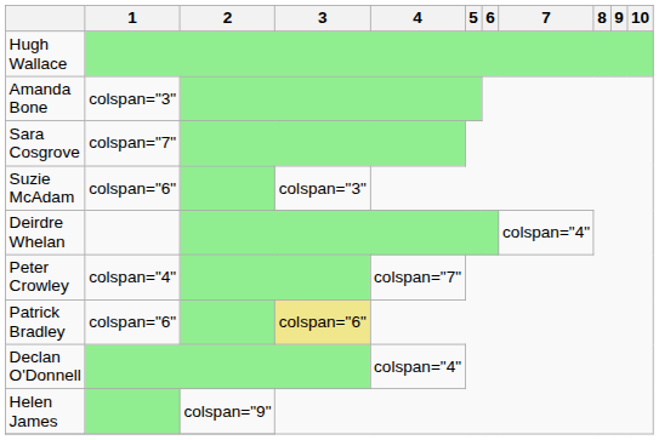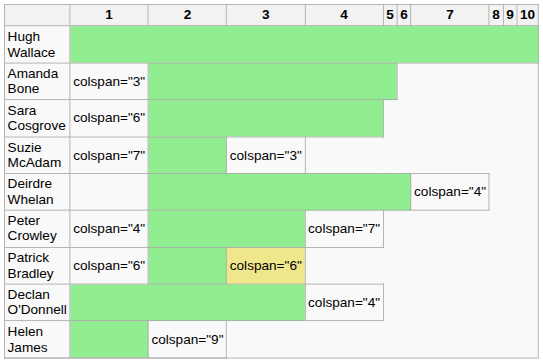 <table class="wikitable sortable" style="margin: auto; text-align:">
 <tr>
 <th></th>
 <th>1</th>
 <th>2</th>
 <th>3</th>
 <th>4</th>
 <th>5</th>
 <th>6</th>
 <th>7</th>
 <th>8</th>
 <th>9</th>
 <th>10</th>
 </tr>
 <tr>
 <td>Hugh Wallace</td>
 <td colspan="10" bgcolor="lightgreen"></td>
 </tr>
 <tr>
 <td>Amanda Bone</td>
 <td>colspan="3" </td>
 <td colspan="4" bgcolor="lightgreen"></td>
 </tr>
 <tr>
 <td>Sara Cosgrove</td>
-<td>colspan="7" </td>
+<td>colspan="6" </td>
 <td colspan="3" bgcolor="lightgreen"></td>
 </tr>
 <tr>
 <td>Suzie McAdam</td>
-<td>colspan="6" </td>
+<td>colspan="7" </td>
 <td bgcolor="lightgreen"></td>
 <td>colspan="3" </td>
 </tr>
 <tr>
 <td>Deirdre Whelan</td>
 <td></td>
 <td colspan="5" bgcolor="lightgreen"></td>
 <td>colspan="4" </td>
 </tr>
 <tr>
 <td>Peter Crowley</td>
 <td>colspan="4" </td>
 <td colspan="2" bgcolor="lightgreen"></td>
 <td>colspan="7" </td>
 </tr>
 <tr>
 <td>Patrick Bradley</td>
 <td>colspan="6" </td>
 <td bgcolor="lightgreen"></td>
 <td style="background: khaki;">colspan="6" </td>
 </tr>
 <tr>
 <td>Declan O'Donnell</td>
 <td colspan="3" bgcolor="lightgreen"></td>
 <td>colspan="4" </td>
 </tr>
 <tr>
 <td>Helen James</td>
 <td bgcolor="lightgreen"></td>
 <td>colspan="9" </td>
 </tr>
 <tr>
 </tr>
 </table>
